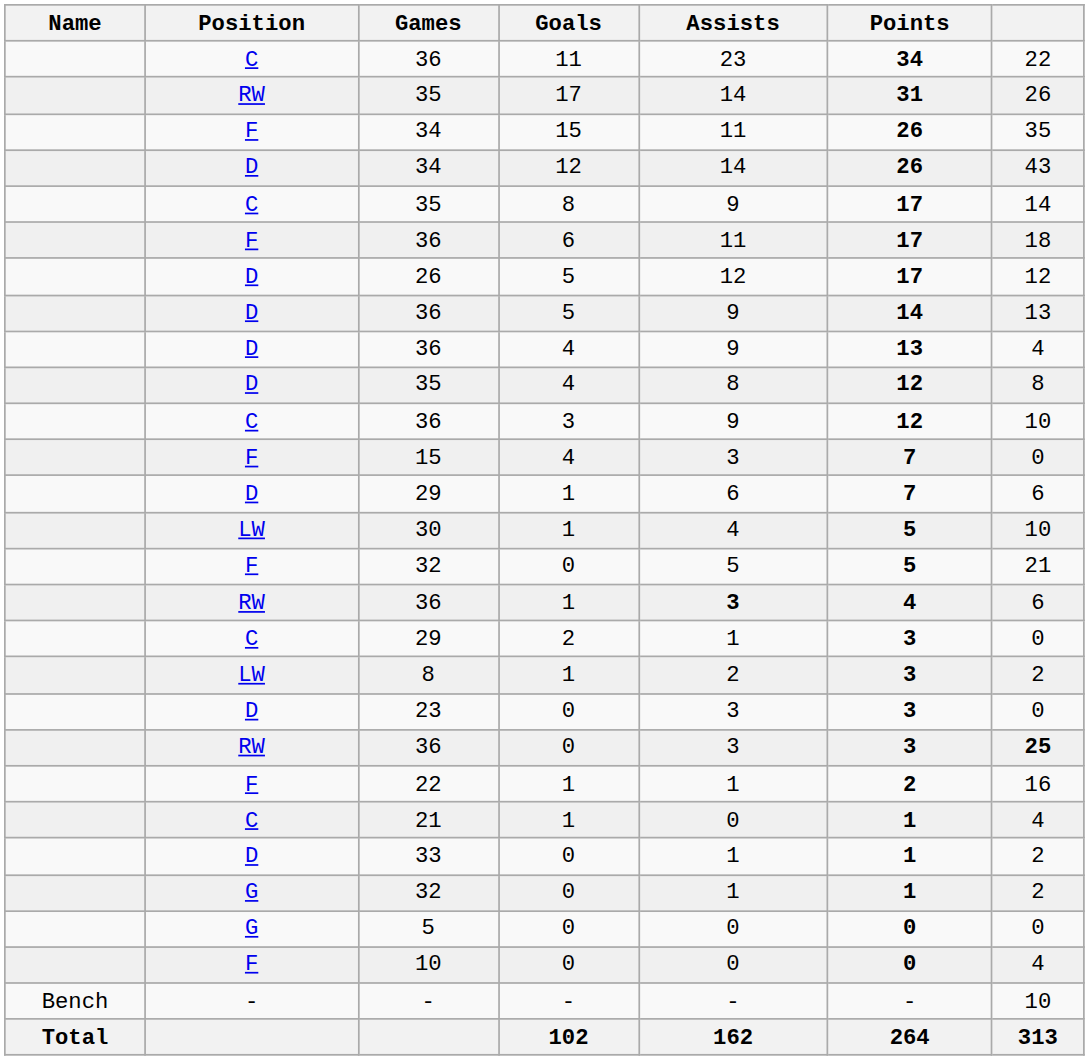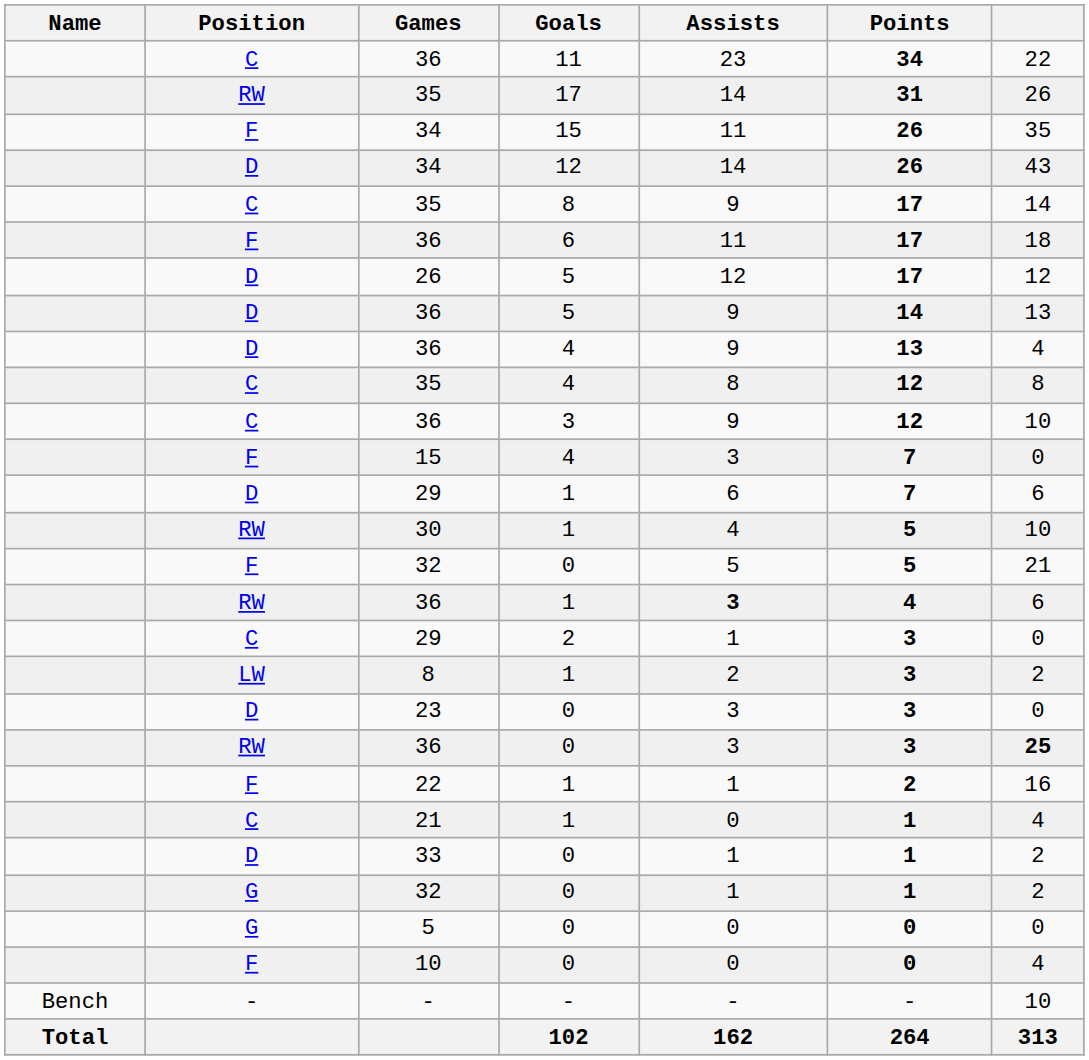 <table class="wikitable sortable" width ="50%">
 <tr align="center">
 <th>Name</th>
 <th>Position</th>
 <th>Games</th>
 <th>Goals</th>
 <th>Assists</th>
 <th>Points</th>
 <th><a href='#'></a></th>
 </tr>
 <tr align="center" bgcolor="">
 <td></td>
 <td><a href='#'>C</a></td>
 <td>36</td>
 <td>11</td>
 <td>23</td>
 <td><strong>34</strong></td>
 <td>22</td>
 </tr>
 <tr align="center" bgcolor="f0f0f0">
 <td></td>
 <td><a href='#'>RW</a></td>
 <td>35</td>
 <td>17</td>
 <td>14</td>
 <td><strong>31</strong></td>
 <td>26</td>
 </tr>
 <tr align="center" bgcolor="">
 <td></td>
 <td><a href='#'>F</a></td>
 <td>34</td>
 <td>15</td>
 <td>11</td>
 <td><strong>26</strong></td>
 <td>35</td>
 </tr>
 <tr align="center" bgcolor="f0f0f0">
 <td></td>
 <td><a href='#'>D</a></td>
 <td>34</td>
 <td>12</td>
 <td>14</td>
 <td><strong>26</strong></td>
 <td>43</td>
 </tr>
 <tr align="center" bgcolor="">
 <td></td>
 <td><a href='#'>C</a></td>
 <td>35</td>
 <td>8</td>
 <td>9</td>
 <td><strong>17</strong></td>
 <td>14</td>
 </tr>
 <tr align="center" bgcolor="f0f0f0">
 <td></td>
 <td><a href='#'>F</a></td>
 <td>36</td>
 <td>6</td>
 <td>11</td>
 <td><strong>17</strong></td>
 <td>18</td>
 </tr>
 <tr align="center" bgcolor="">
 <td></td>
 <td><a href='#'>D</a></td>
 <td>26</td>
 <td>5</td>
 <td>12</td>
 <td><strong>17</strong></td>
 <td>12</td>
 </tr>
 <tr align="center" bgcolor="f0f0f0">
 <td></td>
 <td><a href='#'>D</a></td>
 <td>36</td>
 <td>5</td>
 <td>9</td>
 <td><strong>14</strong></td>
 <td>13</td>
 </tr>
 <tr align="center" bgcolor="">
 <td></td>
 <td><a href='#'>D</a></td>
 <td>36</td>
 <td>4</td>
 <td>9</td>
 <td><strong>13</strong></td>
 <td>4</td>
 </tr>
 <tr align="center" bgcolor="f0f0f0">
 <td></td>
-<td><a href='#'>D</a></td>
+<td><a href='#'>C</a></td>
 <td>35</td>
 <td>4</td>
 <td>8</td>
 <td><strong>12</strong></td>
 <td>8</td>
 </tr>
 <tr align="center" bgcolor="">
 <td></td>
 <td><a href='#'>C</a></td>
 <td>36</td>
 <td>3</td>
 <td>9</td>
 <td><strong>12</strong></td>
 <td>10</td>
 </tr>
 <tr align="center" bgcolor="f0f0f0">
 <td></td>
 <td><a href='#'>F</a></td>
 <td>15</td>
 <td>4</td>
 <td>3</td>
 <td><strong>7</strong></td>
 <td>0</td>
 </tr>
 <tr align="center" bgcolor="">
 <td></td>
 <td><a href='#'>D</a></td>
 <td>29</td>
 <td>1</td>
 <td>6</td>
 <td><strong>7</strong></td>
 <td>6</td>
 </tr>
 <tr align="center" bgcolor="f0f0f0">
 <td></td>
-<td><a href='#'>LW</a></td>
+<td><a href='#'>RW</a></td>
 <td>30</td>
 <td>1</td>
 <td>4</td>
 <td><strong>5</strong></td>
 <td>10</td>
 </tr>
 <tr align="center" bgcolor="">
 <td></td>
 <td><a href='#'>F</a></td>
 <td>32</td>
 <td>0</td>
 <td>5</td>
 <td><strong>5</strong></td>
 <td>21</td>
 </tr>
 <tr align="center" bgcolor="f0f0f0">
 <td></td>
 <td><a href='#'>RW</a></td>
 <td>36</td>
 <td>1</td>
 <td><strong>3</strong></td>
 <td><strong>4</strong></td>
 <td>6</td>
 </tr>
 <tr align="center" bgcolor="">
 <td></td>
 <td><a href='#'>C</a></td>
 <td>29</td>
 <td>2</td>
 <td>1</td>
 <td><strong>3</strong></td>
 <td>0</td>
 </tr>
 <tr align="center" bgcolor="f0f0f0">
 <td></td>
 <td><a href='#'>LW</a></td>
 <td>8</td>
 <td>1</td>
 <td>2</td>
 <td><strong>3</strong></td>
 <td>2</td>
 </tr>
 <tr align="center" bgcolor="">
 <td></td>
 <td><a href='#'>D</a></td>
 <td>23</td>
 <td>0</td>
 <td>3</td>
 <td><strong>3</strong></td>
 <td>0</td>
 </tr>
 <tr align="center" bgcolor="f0f0f0">
 <td></td>
 <td><a href='#'>RW</a></td>
 <td>36</td>
 <td>0</td>
 <td>3</td>
 <td><strong>3</strong></td>
 <td><strong>25</strong></td>
 </tr>
 <tr align="center" bgcolor="">
 <td></td>
 <td><a href='#'>F</a></td>
 <td>22</td>
 <td>1</td>
 <td>1</td>
 <td><strong>2</strong></td>
 <td>16</td>
 </tr>
 <tr align="center" bgcolor="f0f0f0">
 <td></td>
 <td><a href='#'>C</a></td>
 <td>21</td>
 <td>1</td>
 <td>0</td>
 <td><strong>1</strong></td>
 <td>4</td>
 </tr>
 <tr align="center" bgcolor="">
 <td></td>
 <td><a href='#'>D</a></td>
 <td>33</td>
 <td>0</td>
 <td>1</td>
 <td><strong>1</strong></td>
 <td>2</td>
 </tr>
 <tr align="center" bgcolor="f0f0f0">
 <td></td>
 <td><a href='#'>G</a></td>
 <td>32</td>
 <td>0</td>
 <td>1</td>
 <td><strong>1</strong></td>
 <td>2</td>
 </tr>
 <tr align="center" bgcolor="">
 <td></td>
 <td><a href='#'>G</a></td>
 <td>5</td>
 <td>0</td>
 <td>0</td>
 <td><strong>0</strong></td>
 <td>0</td>
 </tr>
 <tr align="center" bgcolor="f0f0f0">
 <td></td>
 <td><a href='#'>F</a></td>
 <td>10</td>
 <td>0</td>
 <td>0</td>
 <td><strong>0</strong></td>
 <td>4</td>
 </tr>
 <tr align="center" bgcolor="">
 <td>Bench</td>
 <td>-</td>
 <td>-</td>
 <td>-</td>
 <td>-</td>
 <td>-</td>
 <td>10</td>
 </tr>
 <tr>
 <th>Total</th>
 <th></th>
 <th></th>
 <th>102</th>
 <th>162</th>
 <th>264</th>
 <th>313</th>
 </tr>
 </table>
